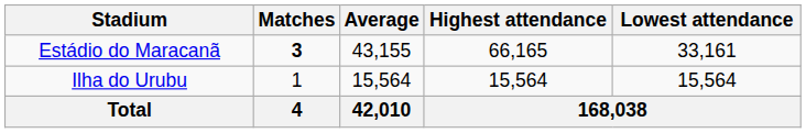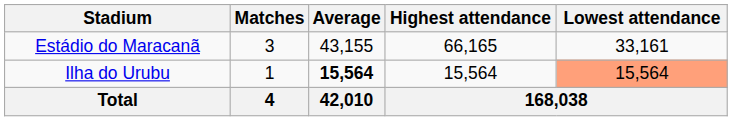 <table class="wikitable plainrowheaders sortable" style="text-align:center">
 <tr>
 <th scope="col" ! style="width:200px;">Stadium</th>
 <th scope="col" ! style="width:60px;">Matches</th>
 <th scope="col" ! style="width:60px;">Average</th>
 <th scope="col" ! style="width:150px;">Highest attendance</th>
 <th scope="col" ! style="width:150px;">Lowest attendance</th>
 </tr>
 <tr>
 <td><a href='#'>Estádio do Maracanã</a></td>
-<td><strong>3</strong></td>
+<td>3</td>
 <td>43,155</td>
 <td>66,165</td>
 <td>33,161</td>
 </tr>
 <tr>
 <td><a href='#'>Ilha do Urubu</a></td>
 <td>1</td>
+<td><strong>15,564</strong></td>
 <td>15,564</td>
-<td>15,564</td>
-<td>15,564</td>
+<td style="background: lightsalmon;">15,564</td>
 </tr>
 <tr>
 <th>Total</th>
 <th>4</th>
 <th>42,010</th>
 <th colspan=3>168,038</th>
 </tr>
 </table>
